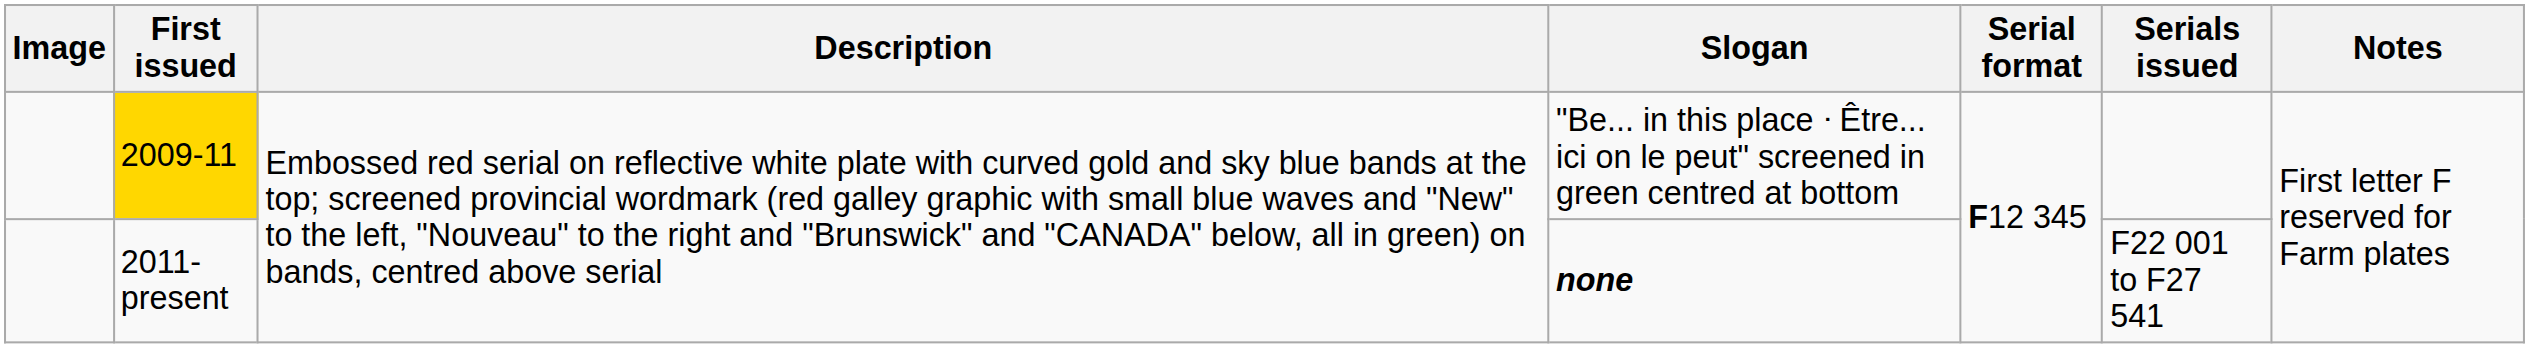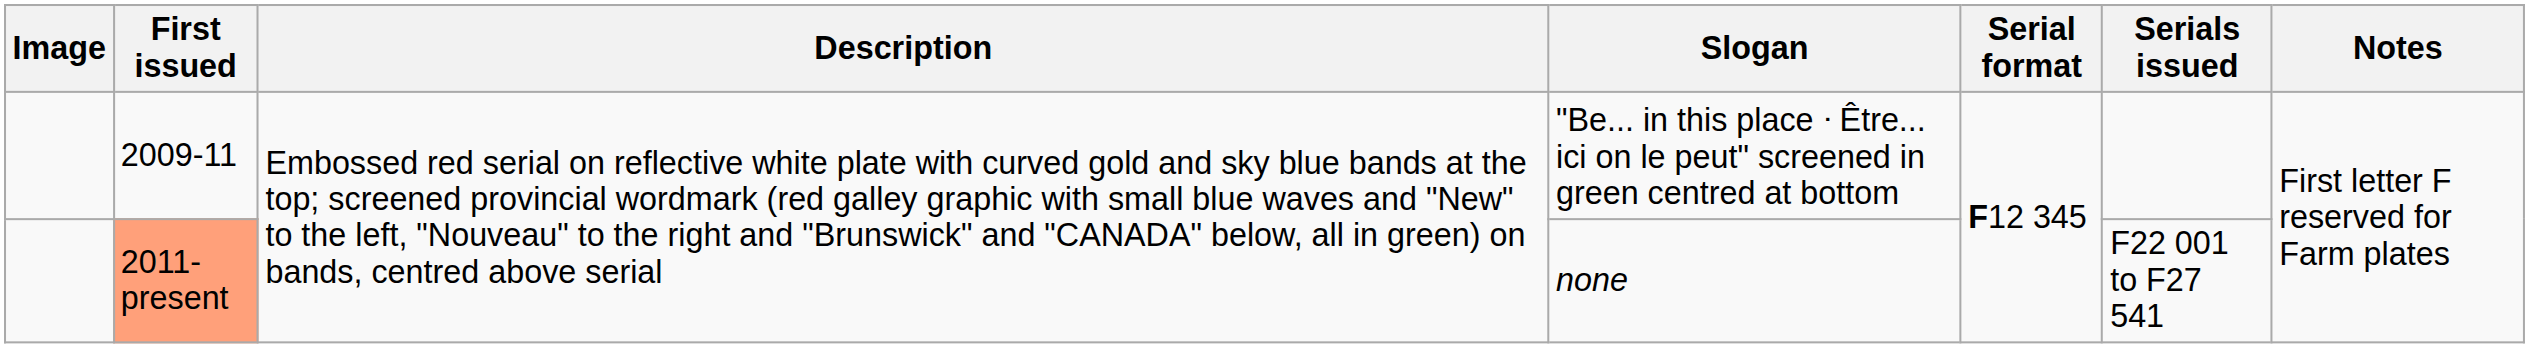 <table class="wikitable">
 <tr>
 <th>Image</th>
 <th>First issued</th>
 <th>Description</th>
 <th>Slogan</th>
 <th>Serial format</th>
 <th>Serials issued</th>
 <th>Notes</th>
 </tr>
 <tr>
 <td></td>
-<td style="background: gold;">2009-11</td>
+<td>2009-11</td>
 <td rowspan="2">Embossed red serial on reflective white plate with curved gold and sky blue bands at the top; screened provincial wordmark (red galley graphic with small blue waves and "New" to the left, "Nouveau" to the right and "Brunswick" and "CANADA" below, all in green) on bands, centred above serial</td>
 <td>"Be... in this place  ᐧ  Être... ici on le peut" screened in green centred at bottom</td>
 <td rowspan="2"><strong>F</strong>12 345</td>
 <td></td>
 <td rowspan="2">First letter F reserved for Farm plates</td>
 </tr>
 <tr>
 <td></td>
-<td>2011-present</td>
-<td><strong><em>none</em></strong></td>
+<td style="background: lightsalmon;">2011-present</td>
+<td><em>none</em></td>
 <td>F22 001 to F27 541 </td>
 </tr>
 </table>
